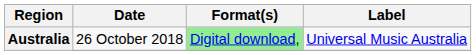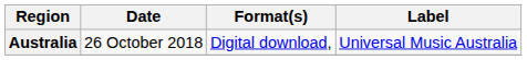 <table class="wikitable plainrowheaders">
 <tr>
 <th scope="col">Region</th>
 <th scope="col">Date</th>
 <th scope="col">Format(s)</th>
 <th scope="col">Label</th>
 </tr>
 <tr>
 <th scope="row" rowspan="2">Australia</th>
 <td>26 October 2018</td>
-<td style="background: lightgreen;"><a href='#'>Digital download</a>,</td>
+<td><a href='#'>Digital download</a>,</td>
 <td><a href='#'>Universal Music Australia</a></td>
 </tr>
 <tr>
 </tr>
 </table>
